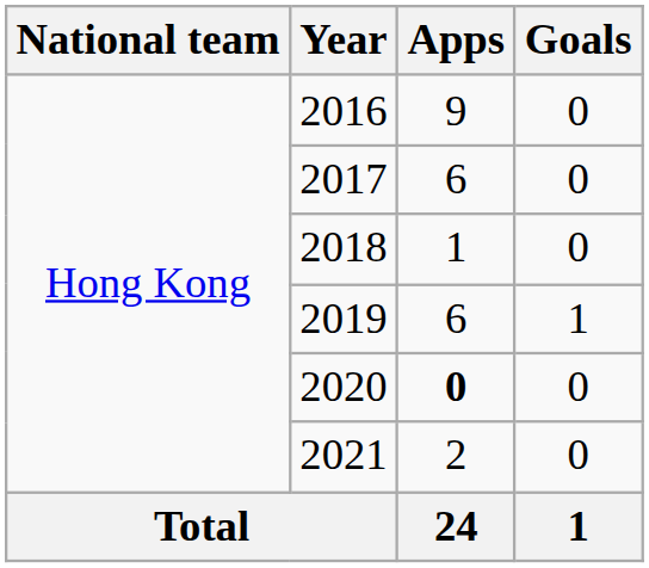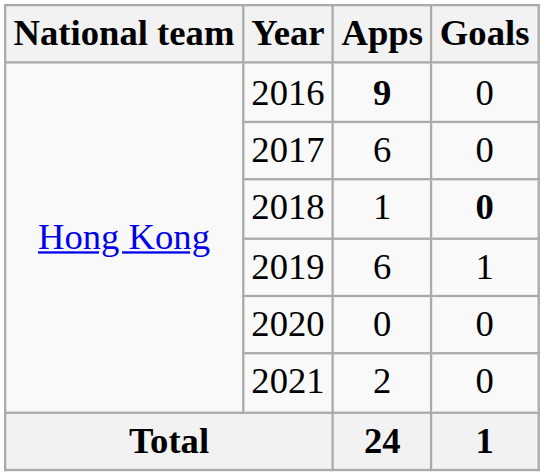 <table class="wikitable" style="text-align:center">
 <tr>
 <th>National team</th>
 <th>Year</th>
 <th>Apps</th>
 <th>Goals</th>
 </tr>
 <tr>
 <td rowspan="6"><a href='#'>Hong Kong</a></td>
 <td>2016</td>
-<td>9</td>
+<td><strong>9</strong></td>
 <td>0</td>
 </tr>
 <tr>
 <td>2017</td>
 <td>6</td>
 <td>0</td>
 </tr>
 <tr>
 <td>2018</td>
 <td>1</td>
-<td>0</td>
+<td><strong>0</strong></td>
 </tr>
 <tr>
 <td>2019</td>
 <td>6</td>
 <td>1</td>
 </tr>
 <tr>
 <td>2020</td>
-<td><strong>0</strong></td>
+<td>0</td>
 <td>0</td>
 </tr>
 <tr>
 <td>2021</td>
 <td>2</td>
 <td>0</td>
 </tr>
 <tr>
 <th colspan=2>Total</th>
 <th>24</th>
 <th>1</th>
 </tr>
 </table>
